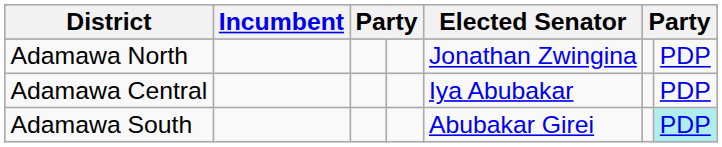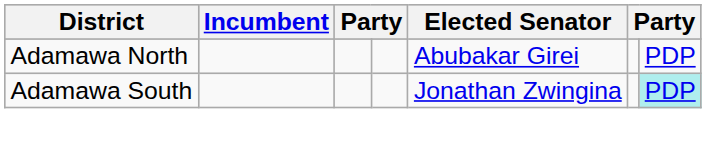 <table class="sortable wikitable" style="font-size:95%;line-height:14px;">
 <tr>
 <th class="unsortable">District</th>
 <th class="unsortable"><a href='#'>Incumbent</a></th>
 <th colspan="2">Party</th>
 <th class="unsortable">Elected Senator</th>
 <th colspan="2">Party</th>
 </tr>
 <tr>
 <td>Adamawa North</td>
 <td></td>
 <td></td>
 <td></td>
-<td><a href='#'>Jonathan Zwingina</a></td>
-<td style="background:"></td>
-<td><a href='#'>PDP</a></td>
-</tr>
-<tr>
-<td>Adamawa Central</td>
-<td></td>
-<td></td>
-<td></td>
-<td><a href='#'>Iya Abubakar</a></td>
+<td><a href='#'>Abubakar Girei</a></td>
 <td style="background:"></td>
 <td><a href='#'>PDP</a></td>
 </tr>
 <tr>
 <td>Adamawa South</td>
 <td></td>
 <td></td>
 <td></td>
-<td><a href='#'>Abubakar Girei</a></td>
+<td><a href='#'>Jonathan Zwingina</a></td>
 <td style="background:"></td>
 <td style="background: paleturquoise;"><a href='#'>PDP</a></td>
 </tr>
 </table>
